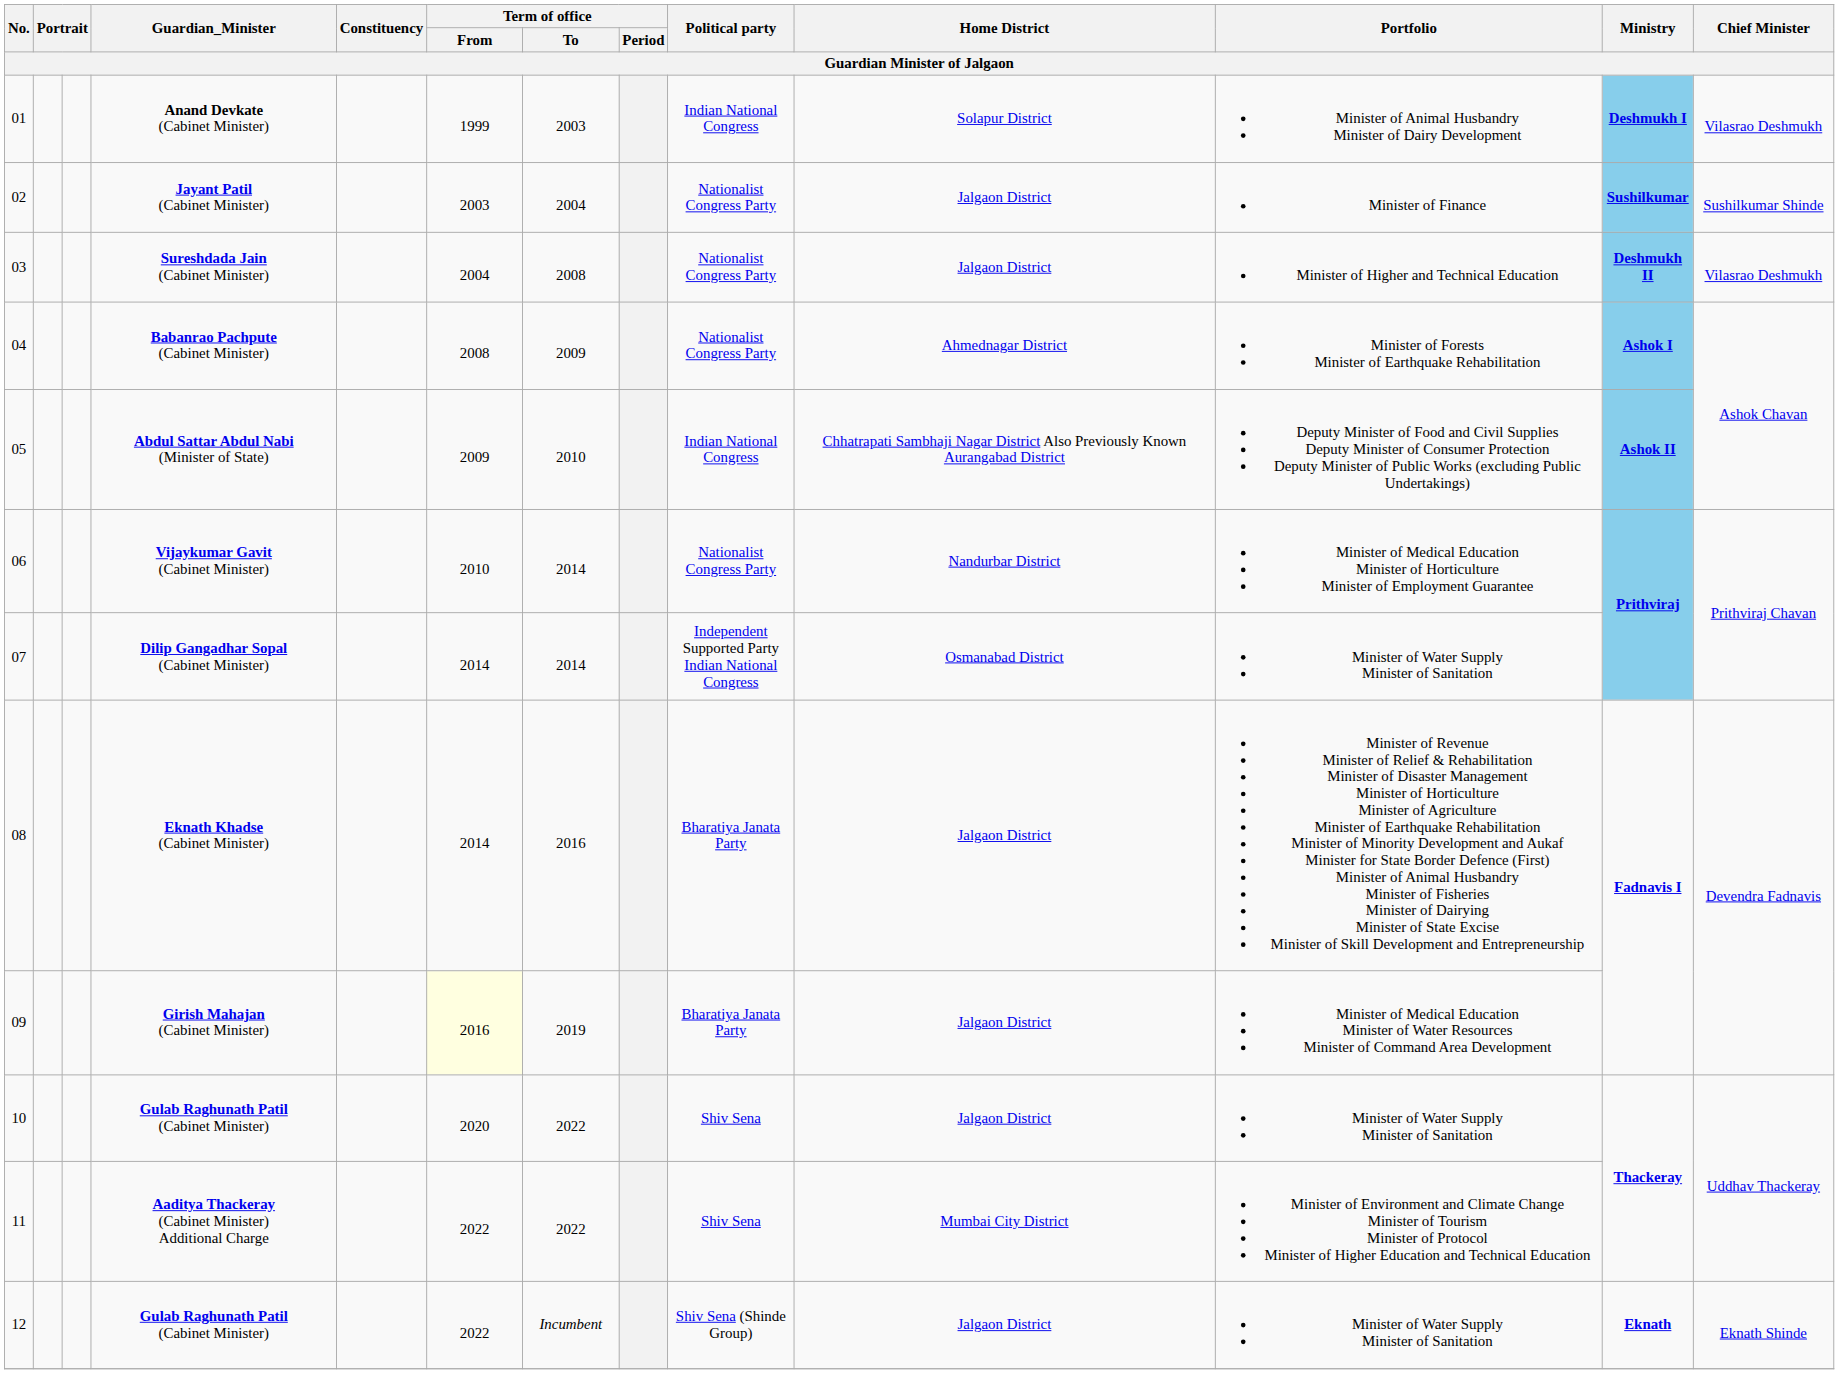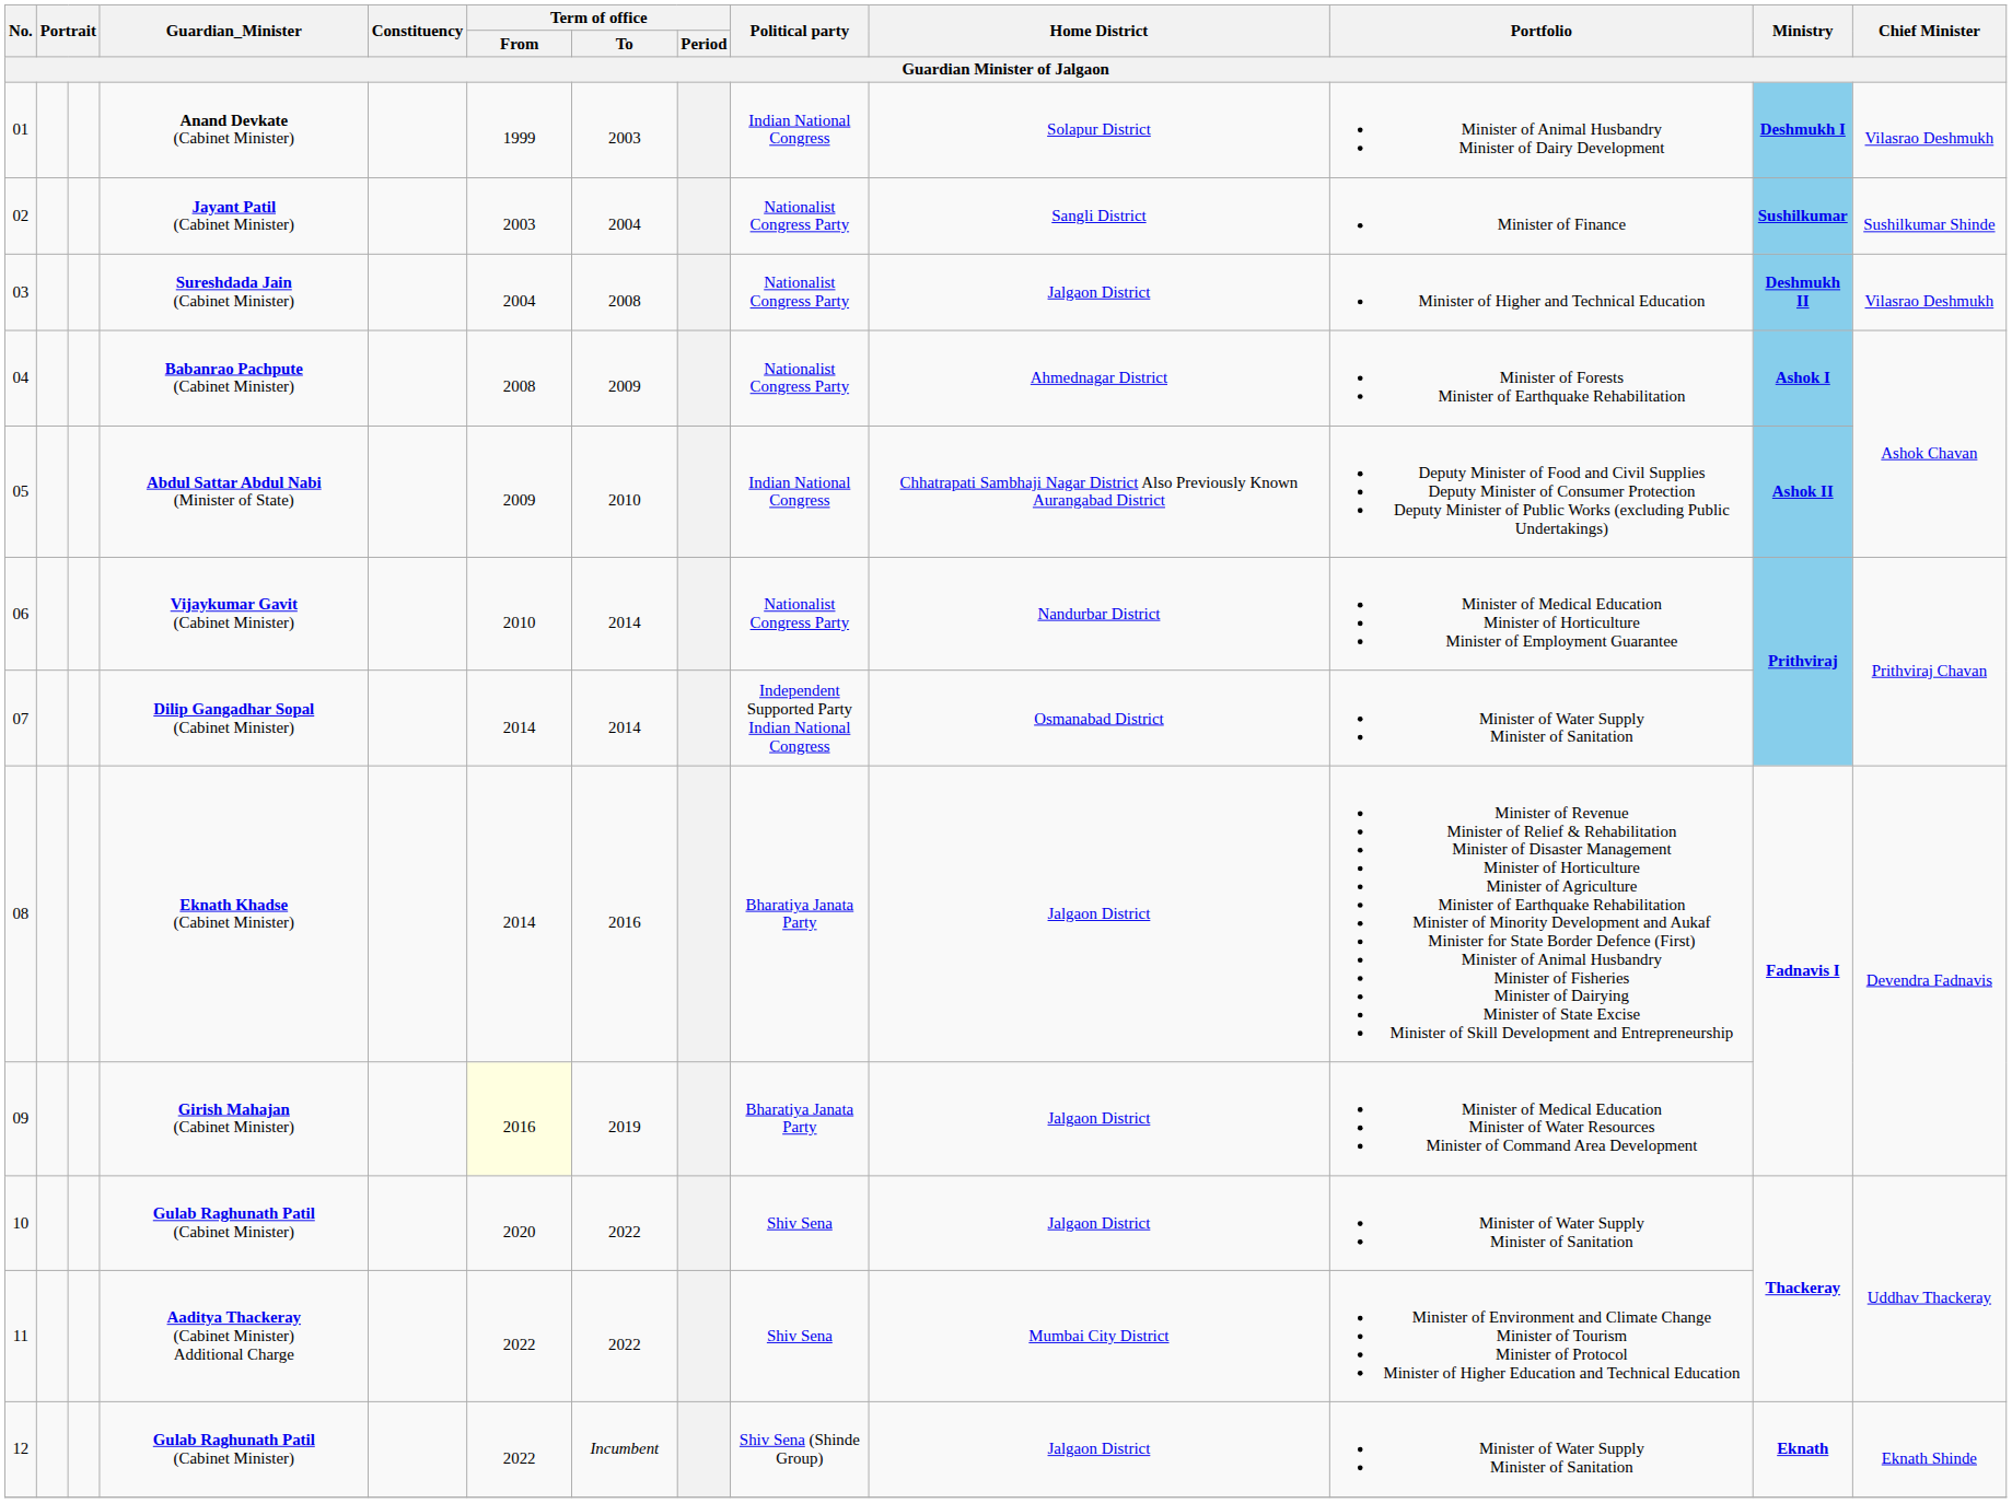 <table class="wikitable" style="text-align:center">
 <tr>
 <th rowspan="2">No.</th>
 <th rowspan="2" colspan="2">Portrait</th>
 <th rowspan="2" style="width:16em">Guardian_Minister</th>
 <th rowspan="2">Constituency</th>
 <th colspan="3">Term of office</th>
 <th rowspan="2" style="width:8em">Political party</th>
 <th rowspan="2">Home District</th>
 <th rowspan="2">Portfolio</th>
 <th rowspan="2">Ministry</th>
 <th rowspan="2" style="width:9em">Chief Minister</th>
 </tr>
 <tr>
 <th style="width:6em">From</th>
 <th style="width:6em">To</th>
 <th>Period</th>
 </tr>
 <tr>
 <th colspan="13">Guardian Minister of Jalgaon</th>
 </tr>
 <tr>
 <td>01</td>
 <td></td>
 <td></td>
 <td><strong>Anand Devkate</strong> <br> (Cabinet Minister)</td>
 <td></td>
 <td><br>1999</td>
 <td><br>2003</td>
 <th></th>
 <td><a href='#'>Indian National Congress</a></td>
 <td><a href='#'>Solapur District</a></td>
 <td><br><ul><li>Minister of Animal Husbandry</li><li>Minister of Dairy Development</li></ul></td>
 <td rowspan="1" bgcolor="#87CEEB"><a href='#'><strong>Deshmukh I</strong></a></td>
 <td rowspan="1"> <br><a href='#'>Vilasrao Deshmukh</a></td>
 </tr>
 <tr>
 <td>02</td>
 <td></td>
 <td></td>
 <td><strong><a href='#'>Jayant Patil</a></strong> <br> (Cabinet Minister)</td>
 <td></td>
 <td><br>2003</td>
 <td><br>2004</td>
 <th></th>
 <td><a href='#'>Nationalist Congress Party</a></td>
-<td><a href='#'>Jalgaon District</a></td>
+<td><a href='#'>Sangli District</a></td>
 <td><br><ul><li>Minister of Finance</li></ul></td>
 <td rowspan="1" bgcolor="#87CEEB"><a href='#'><strong>Sushilkumar</strong></a></td>
 <td rowspan="1"> <br><a href='#'>Sushilkumar Shinde</a></td>
 </tr>
 <tr>
 <td>03</td>
 <td></td>
 <td></td>
 <td><strong><a href='#'>Sureshdada Jain</a></strong> <br> (Cabinet Minister)</td>
 <td></td>
 <td><br>2004</td>
 <td><br>2008</td>
 <th></th>
 <td><a href='#'>Nationalist Congress Party</a></td>
 <td><a href='#'>Jalgaon District</a></td>
 <td><br><ul><li>Minister of Higher and Technical Education</li></ul></td>
 <td rowspan="1" bgcolor="#87CEEB"><a href='#'><strong>Deshmukh II</strong></a></td>
 <td rowspan="1"> <br><a href='#'>Vilasrao Deshmukh</a></td>
 </tr>
 <tr>
 <td>04</td>
 <td></td>
 <td></td>
 <td><strong><a href='#'>Babanrao Pachpute</a></strong> <br> (Cabinet Minister)</td>
 <td></td>
 <td><br>2008</td>
 <td><br>2009</td>
 <th></th>
 <td><a href='#'>Nationalist Congress Party</a></td>
 <td><a href='#'>Ahmednagar District</a></td>
 <td><br><ul><li>Minister of Forests</li><li>Minister of Earthquake Rehabilitation</li></ul></td>
 <td rowspan="1" bgcolor="#87CEEB"><a href='#'><strong>Ashok I</strong></a></td>
 <td rowspan="2"><br><a href='#'>Ashok Chavan</a></td>
 </tr>
 <tr>
 <td>05</td>
 <td></td>
 <td></td>
 <td><strong><a href='#'>Abdul Sattar Abdul Nabi</a></strong>  <br> (Minister of State)</td>
 <td></td>
 <td><br>2009</td>
 <td><br>2010</td>
 <th></th>
 <td><a href='#'>Indian National Congress</a></td>
 <td><a href='#'>Chhatrapati Sambhaji Nagar District</a> Also Previously Known <a href='#'>Aurangabad District</a></td>
 <td><br><ul><li>Deputy Minister of Food and Civil Supplies</li><li>Deputy Minister of Consumer Protection</li><li>Deputy Minister of Public Works (excluding Public Undertakings)</li></ul></td>
 <td rowspan="1"bgcolor="#87CEEB"><a href='#'><strong>Ashok II</strong></a></td>
 </tr>
 <tr>
 <td>06</td>
 <td></td>
 <td></td>
 <td><strong><a href='#'>Vijaykumar Gavit</a></strong> <br> (Cabinet Minister)</td>
 <td></td>
 <td><br>2010</td>
 <td><br>2014</td>
 <th></th>
 <td><a href='#'>Nationalist Congress Party</a></td>
 <td><a href='#'>Nandurbar District</a></td>
 <td><br><ul><li>Minister of Medical Education</li><li>Minister of Horticulture</li><li>Minister of Employment Guarantee</li></ul></td>
 <td rowspan="2" bgcolor="#87CEEB"><a href='#'><strong>Prithviraj</strong></a></td>
 <td rowspan="2"><br><a href='#'>Prithviraj Chavan</a></td>
 </tr>
 <tr>
 <td>07</td>
 <td></td>
 <td></td>
 <td><strong><a href='#'>Dilip Gangadhar Sopal</a></strong> <br> (Cabinet Minister)</td>
 <td></td>
 <td><br>2014</td>
 <td><br>2014</td>
 <th></th>
 <td><a href='#'>Independent</a> Supported Party <a href='#'>Indian National Congress</a></td>
 <td><a href='#'>Osmanabad District</a></td>
 <td><br><ul><li>Minister of Water Supply</li><li>Minister of Sanitation</li></ul></td>
 </tr>
 <tr>
 <td>08</td>
 <td></td>
 <td></td>
 <td><strong><a href='#'>Eknath Khadse</a></strong> <br> (Cabinet Minister)</td>
 <td></td>
 <td><br>2014</td>
 <td><br>2016</td>
 <th></th>
 <td rowspan="1"><a href='#'>Bharatiya Janata Party</a></td>
 <td><a href='#'>Jalgaon District</a></td>
 <td><br><ul><li>Minister of Revenue</li><li>Minister of Relief & Rehabilitation</li><li>Minister of Disaster Management</li><li>Minister of Horticulture</li><li>Minister of Agriculture</li><li>Minister of Earthquake Rehabilitation</li><li>Minister of Minority Development and Aukaf</li><li>Minister for State Border Defence (First)</li><li>Minister of Animal Husbandry</li><li>Minister of Fisheries</li><li>Minister of Dairying</li><li>Minister of State Excise</li><li>Minister of Skill Development and Entrepreneurship</li></ul></td>
 <td rowspan="2"><a href='#'><strong>Fadnavis I</strong></a></td>
 <td rowspan="2"> <br><a href='#'>Devendra Fadnavis</a></td>
 </tr>
 <tr>
 <td>09</td>
 <td></td>
 <td></td>
 <td><strong><a href='#'>Girish Mahajan</a></strong> <br> (Cabinet Minister)</td>
 <td></td>
 <td style="background: lightyellow;"><br>2016</td>
 <td><br>2019</td>
 <th></th>
 <td rowspan="1"><a href='#'>Bharatiya Janata Party</a></td>
 <td><a href='#'>Jalgaon District</a></td>
 <td><br><ul><li>Minister of Medical Education</li><li>Minister of Water Resources</li><li>Minister of Command Area Development</li></ul></td>
 </tr>
 <tr>
 <td>10</td>
 <td></td>
 <td></td>
 <td><strong><a href='#'>Gulab Raghunath Patil</a></strong> <br> (Cabinet Minister)</td>
 <td></td>
 <td><br>2020</td>
 <td><br>2022</td>
 <th></th>
 <td><a href='#'>Shiv Sena</a></td>
 <td><a href='#'>Jalgaon District</a></td>
 <td><br><ul><li>Minister of Water Supply</li><li>Minister of Sanitation</li></ul></td>
 <td rowspan="2"><a href='#'><strong>Thackeray</strong></a></td>
 <td rowspan="2"> <br><a href='#'>Uddhav Thackeray</a></td>
 </tr>
 <tr>
 <td>11</td>
 <td></td>
 <td></td>
 <td><strong><a href='#'>Aaditya Thackeray</a></strong> <br> (Cabinet Minister)<br> Additional Charge</td>
 <td></td>
 <td><br>2022</td>
 <td><br>2022</td>
 <th></th>
 <td><a href='#'>Shiv Sena</a></td>
 <td><a href='#'>Mumbai City District</a></td>
 <td><br><ul><li>Minister of Environment and Climate Change</li><li>Minister of Tourism</li><li>Minister of Protocol</li><li>Minister of  Higher Education and Technical Education</li></ul></td>
 </tr>
 <tr>
 <td>12</td>
 <td></td>
 <td></td>
 <td><strong><a href='#'>Gulab Raghunath Patil</a></strong> <br> (Cabinet Minister)</td>
 <td></td>
 <td><br>2022</td>
 <td><em>Incumbent</em></td>
 <th></th>
 <td><a href='#'>Shiv Sena</a> (Shinde Group)</td>
 <td><a href='#'>Jalgaon District</a></td>
 <td><br><ul><li>Minister of Water Supply</li><li>Minister of Sanitation</li></ul></td>
 <td rowspan="1"><a href='#'><strong>Eknath</strong></a></td>
 <td rowspan="1"> <br><a href='#'>Eknath Shinde</a></td>
 </tr>
 <tr>
 </tr>
 </table>
